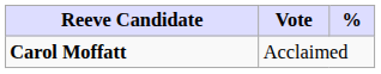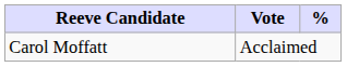 <table class="wikitable">
 <tr>
 <th style="background:#ddf; width:200px;">Reeve Candidate </th>
 <th style="background:#ddf; width:50px;">Vote</th>
 <th style="background:#ddf; width:30px;">%</th>
 </tr>
 <tr>
-<td><strong>Carol Moffatt</strong></td>
+<td>Carol Moffatt</td>
 <td colspan="2">Acclaimed</td>
 </tr>
 </table>
